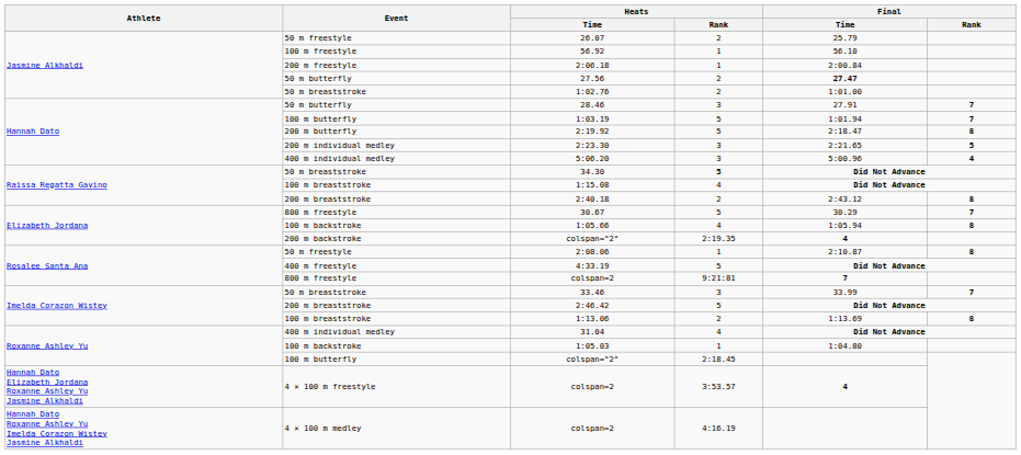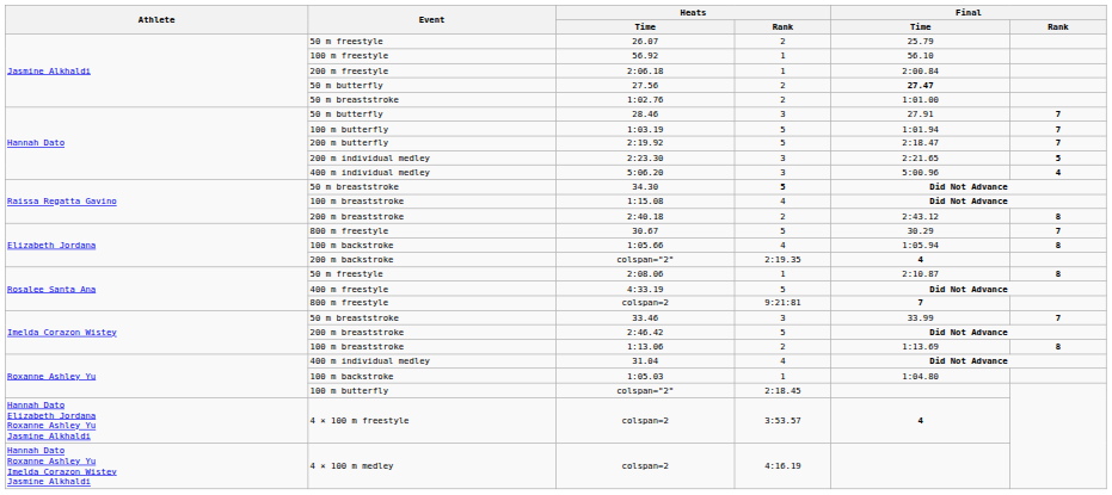 <table class="wikitable" width="75%" style="text-align:center; font-size:90%">
 <tr>
 <th rowspan="2" width="22%">Athlete</th>
 <th rowspan="2" width="18%">Event</th>
 <th colspan="2" width="20%">Heats</th>
 <th colspan="2" width="20%">Final</th>
 </tr>
 <tr>
 <th width="13%">Time</th>
 <th>Rank</th>
 <th width="13%">Time</th>
 <th>Rank</th>
 </tr>
 <tr>
 <td rowspan="5" align="left"><a href='#'>Jasmine Alkhaldi</a></td>
 <td style="text-align:left;">50 m freestyle</td>
 <td>26.07</td>
 <td>2 <strong></strong></td>
 <td>25.79</td>
 <td></td>
 </tr>
 <tr>
 <td style="text-align:left;">100 m freestyle</td>
 <td>56.92</td>
 <td>1 <strong></strong></td>
 <td>56.10</td>
 <td></td>
 </tr>
 <tr>
 <td style="text-align:left;">200 m freestyle</td>
 <td>2:06.18</td>
 <td>1 <strong></strong></td>
 <td>2:00.84</td>
 <td></td>
 </tr>
 <tr>
 <td style="text-align:left;">50 m butterfly</td>
 <td>27.56</td>
 <td>2 <strong></strong></td>
 <td><strong>27.47</strong></td>
 <td></td>
 </tr>
 <tr>
 <td style="text-align:left;">50 m breaststroke</td>
 <td>1:02.76</td>
 <td>2 <strong></strong></td>
 <td>1:01.00</td>
 <td></td>
 </tr>
 <tr>
 <td rowspan="5" align="left"><a href='#'>Hannah Dato</a></td>
 <td style="text-align:left;">50 m butterfly</td>
 <td>28.46</td>
 <td>3 <strong></strong></td>
 <td>27.91</td>
 <td><strong>7</strong></td>
 </tr>
 <tr>
 <td style="text-align:left;">100 m butterfly</td>
 <td>1:03.19</td>
 <td>5 <strong></strong></td>
 <td>1:01.94</td>
 <td><strong>7</strong></td>
 </tr>
 <tr>
 <td style="text-align:left;">200 m butterfly</td>
 <td>2:19.92</td>
 <td>5 <strong></strong></td>
 <td>2:18.47</td>
-<td><strong>8</strong></td>
+<td><strong>7</strong></td>
 </tr>
 <tr>
 <td style="text-align:left;">200 m individual medley</td>
 <td>2:23.30</td>
 <td>3 <strong></strong></td>
 <td>2:21.65</td>
 <td><strong>5</strong></td>
 </tr>
 <tr>
 <td style="text-align:left;">400 m individual medley</td>
 <td>5:06.20</td>
 <td>3 <strong></strong></td>
 <td>5:00.96</td>
 <td><strong>4</strong></td>
 </tr>
 <tr>
 <td rowspan="3" align="left"><a href='#'>Raissa Regatta Gavino</a></td>
 <td style="text-align:left;">50 m breaststroke</td>
 <td>34.30</td>
 <td><strong>5</strong></td>
 <td colspan=2><strong>Did Not Advance</strong></td>
 </tr>
 <tr>
 <td style="text-align:left;">100 m breaststroke</td>
 <td>1:15.08</td>
 <td>4</td>
 <td colspan="2"><strong>Did Not Advance</strong></td>
 </tr>
 <tr>
 <td style="text-align:left;">200 m breaststroke</td>
 <td>2:40.18</td>
 <td>2 <strong></strong></td>
 <td>2:43.12</td>
 <td><strong>8</strong></td>
 </tr>
 <tr>
 <td rowspan="3" align="left"><a href='#'>Elizabeth Jordana</a></td>
 <td style="text-align:left;">800 m freestyle</td>
 <td>30.67</td>
 <td>5</td>
 <td>30.29</td>
 <td><strong>7</strong></td>
 </tr>
 <tr>
 <td style="text-align:left;">100 m backstroke</td>
 <td>1:05.66</td>
 <td>4 <strong></strong></td>
 <td>1:05.94</td>
 <td><strong>8</strong></td>
 </tr>
 <tr>
 <td style="text-align:left;">200 m backstroke</td>
 <td>colspan="2" </td>
 <td>2:19.35</td>
 <td><strong>4</strong></td>
 </tr>
 <tr>
 <td rowspan="3" align="left"><a href='#'>Rosalee Santa Ana</a></td>
 <td style="text-align:left;">50 m freestyle</td>
 <td>2:08.06</td>
 <td>1 <strong></strong></td>
 <td>2:10.87</td>
 <td><strong>8</strong></td>
 </tr>
 <tr>
 <td style="text-align:left;">400 m freestyle</td>
 <td>4:33.19</td>
 <td>5</td>
 <td colspan=2><strong>Did Not Advance</strong></td>
 </tr>
 <tr>
 <td style="text-align:left;">800 m freestyle</td>
 <td>colspan=2 </td>
 <td>9:21:81</td>
 <td><strong>7</strong></td>
 </tr>
 <tr>
 <td rowspan="3" align="left"><a href='#'>Imelda Corazon Wistey</a></td>
 <td style="text-align:left;">50 m breaststroke</td>
 <td>33.46</td>
 <td>3 <strong></strong></td>
 <td>33.99</td>
 <td><strong>7</strong></td>
 </tr>
 <tr>
 <td style="text-align:left;">200 m breaststroke</td>
 <td>2:46.42</td>
 <td>5</td>
 <td colspan=2><strong>Did Not Advance</strong></td>
 </tr>
 <tr>
 <td style="text-align:left;">100 m breaststroke</td>
 <td>1:13.06</td>
 <td>2 <strong></strong></td>
 <td>1:13.69</td>
 <td><strong>8</strong></td>
 </tr>
 <tr>
 <td rowspan="3" align="left"><a href='#'>Roxanne Ashley Yu</a></td>
 <td style="text-align:left;">400 m individual medley</td>
 <td>31.04</td>
 <td>4</td>
 <td colspan="2"><strong>Did Not Advance</strong></td>
 </tr>
 <tr>
 <td style="text-align:left;">100 m backstroke</td>
 <td>1:05.03</td>
 <td>1 <strong></strong></td>
 <td>1:04.80</td>
 <td></td>
 </tr>
 <tr>
 <td style="text-align:left;">100 m butterfly</td>
 <td>colspan="2" </td>
 <td>2:18.45</td>
 <td></td>
 </tr>
 <tr>
 <td style="text-align:left;"><a href='#'>Hannah Dato</a><br><a href='#'>Elizabeth Jordana</a><br><a href='#'>Roxanne Ashley Yu</a><br><a href='#'>Jasmine Alkhaldi</a></td>
 <td style="text-align:left;">4 × 100 m freestyle</td>
 <td>colspan=2 </td>
 <td>3:53.57</td>
 <td><strong>4</strong></td>
 </tr>
 <tr>
 <td style="text-align:left;"><a href='#'>Hannah Dato</a><br><a href='#'>Roxanne Ashley Yu</a><br><a href='#'>Imelda Corazon Wistey</a><br><a href='#'>Jasmine Alkhaldi</a></td>
 <td style="text-align:left;">4 × 100 m medley</td>
 <td>colspan=2 </td>
 <td>4:16.19</td>
 <td></td>
 </tr>
 </table>
